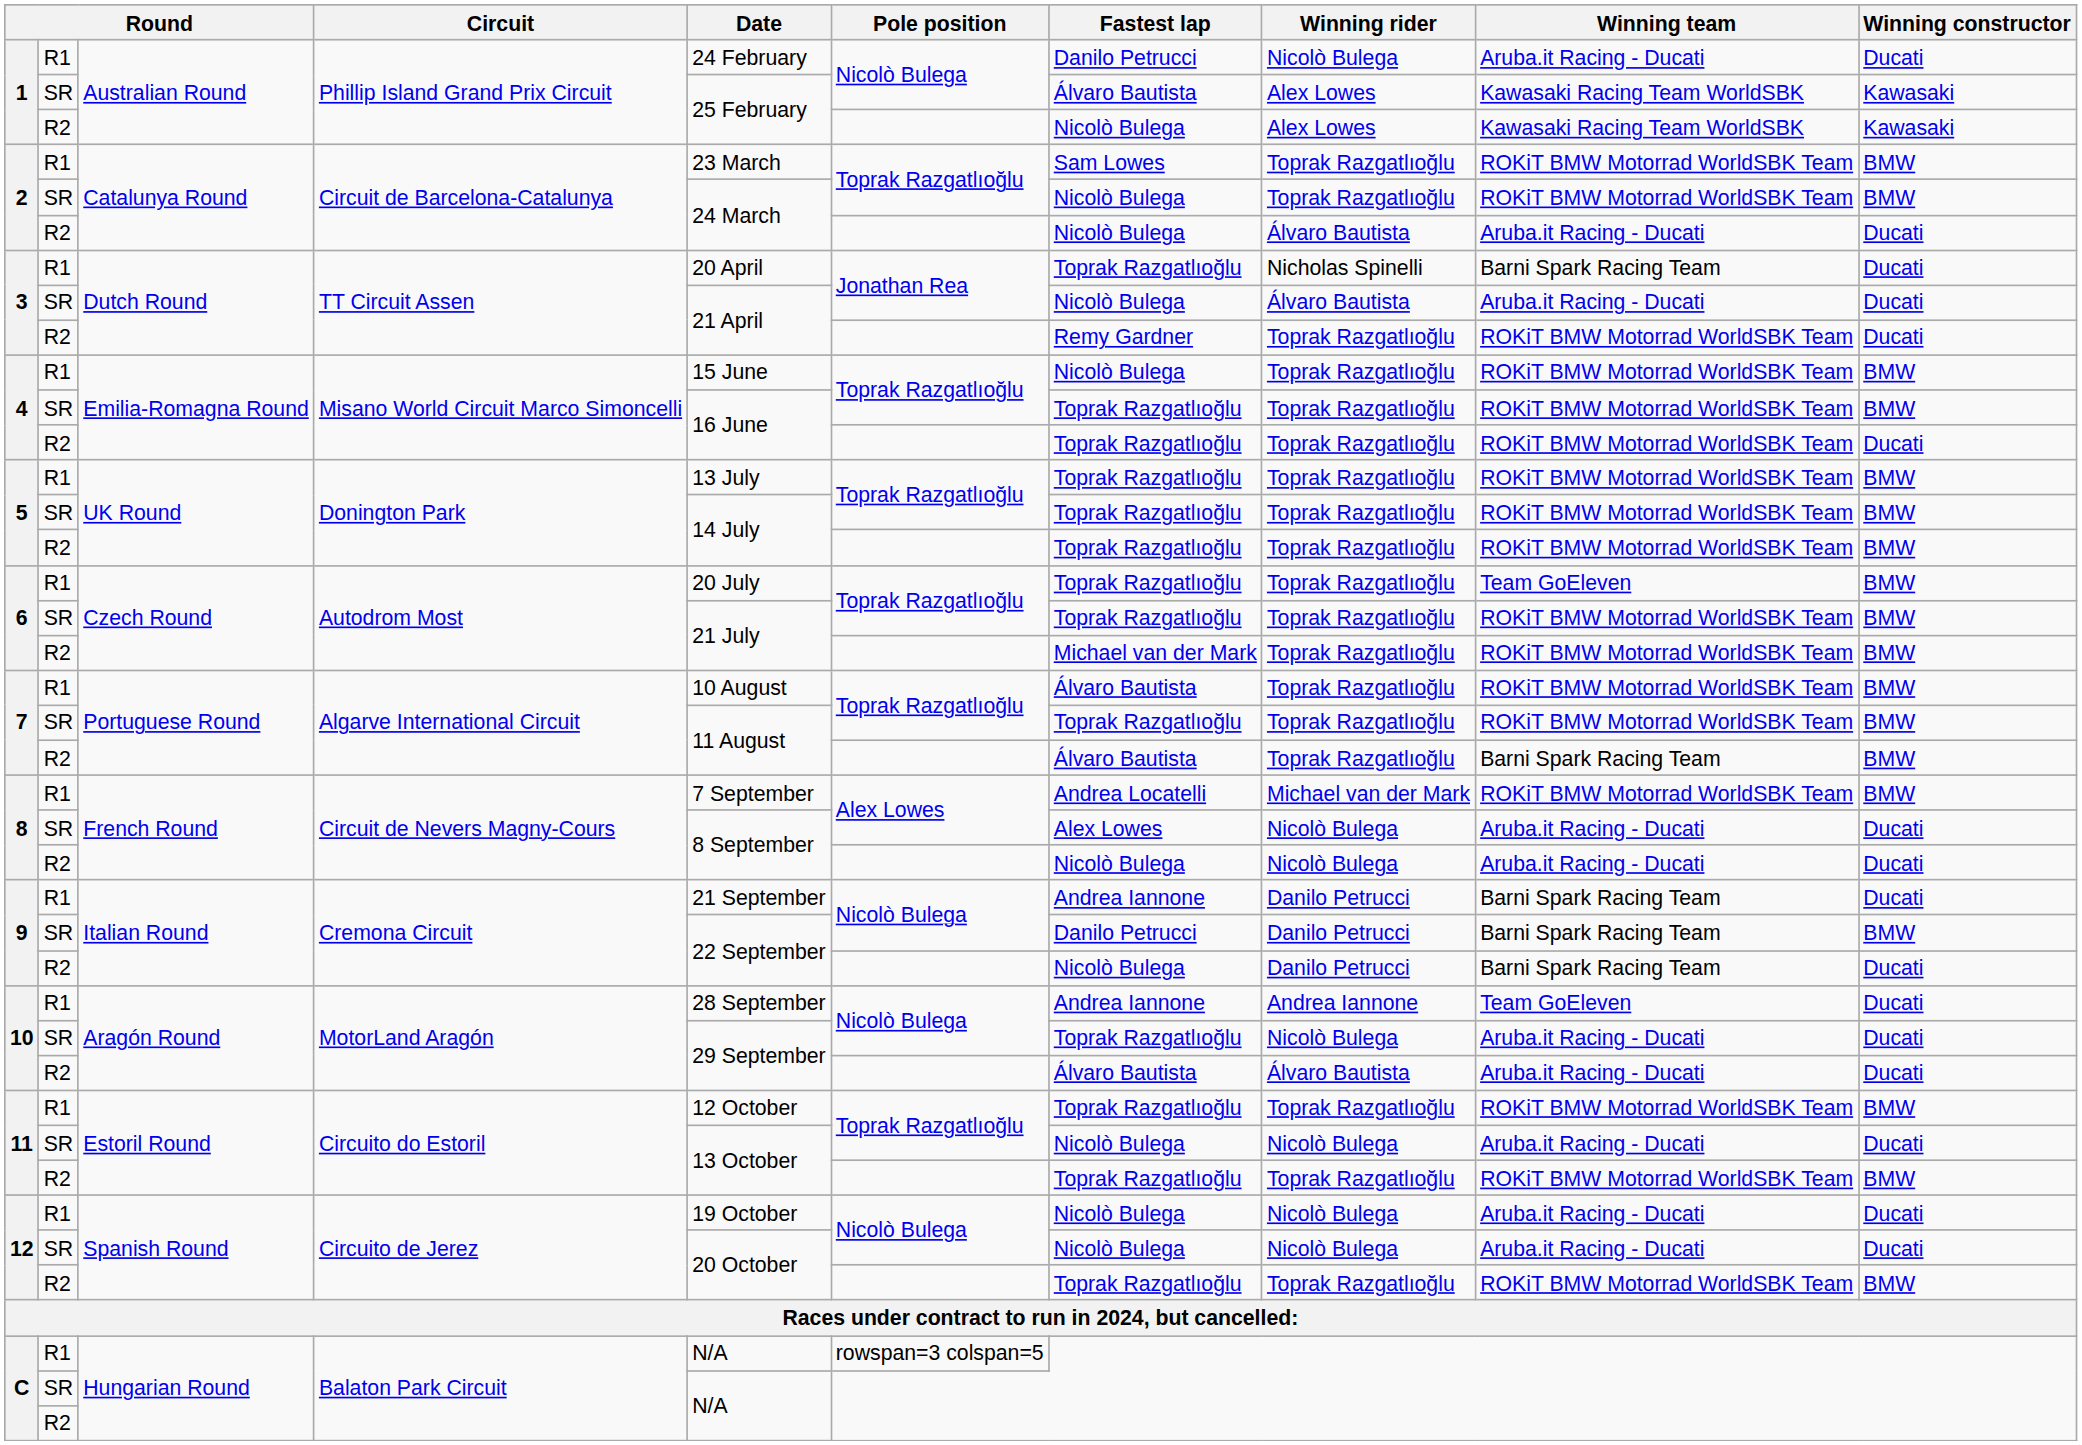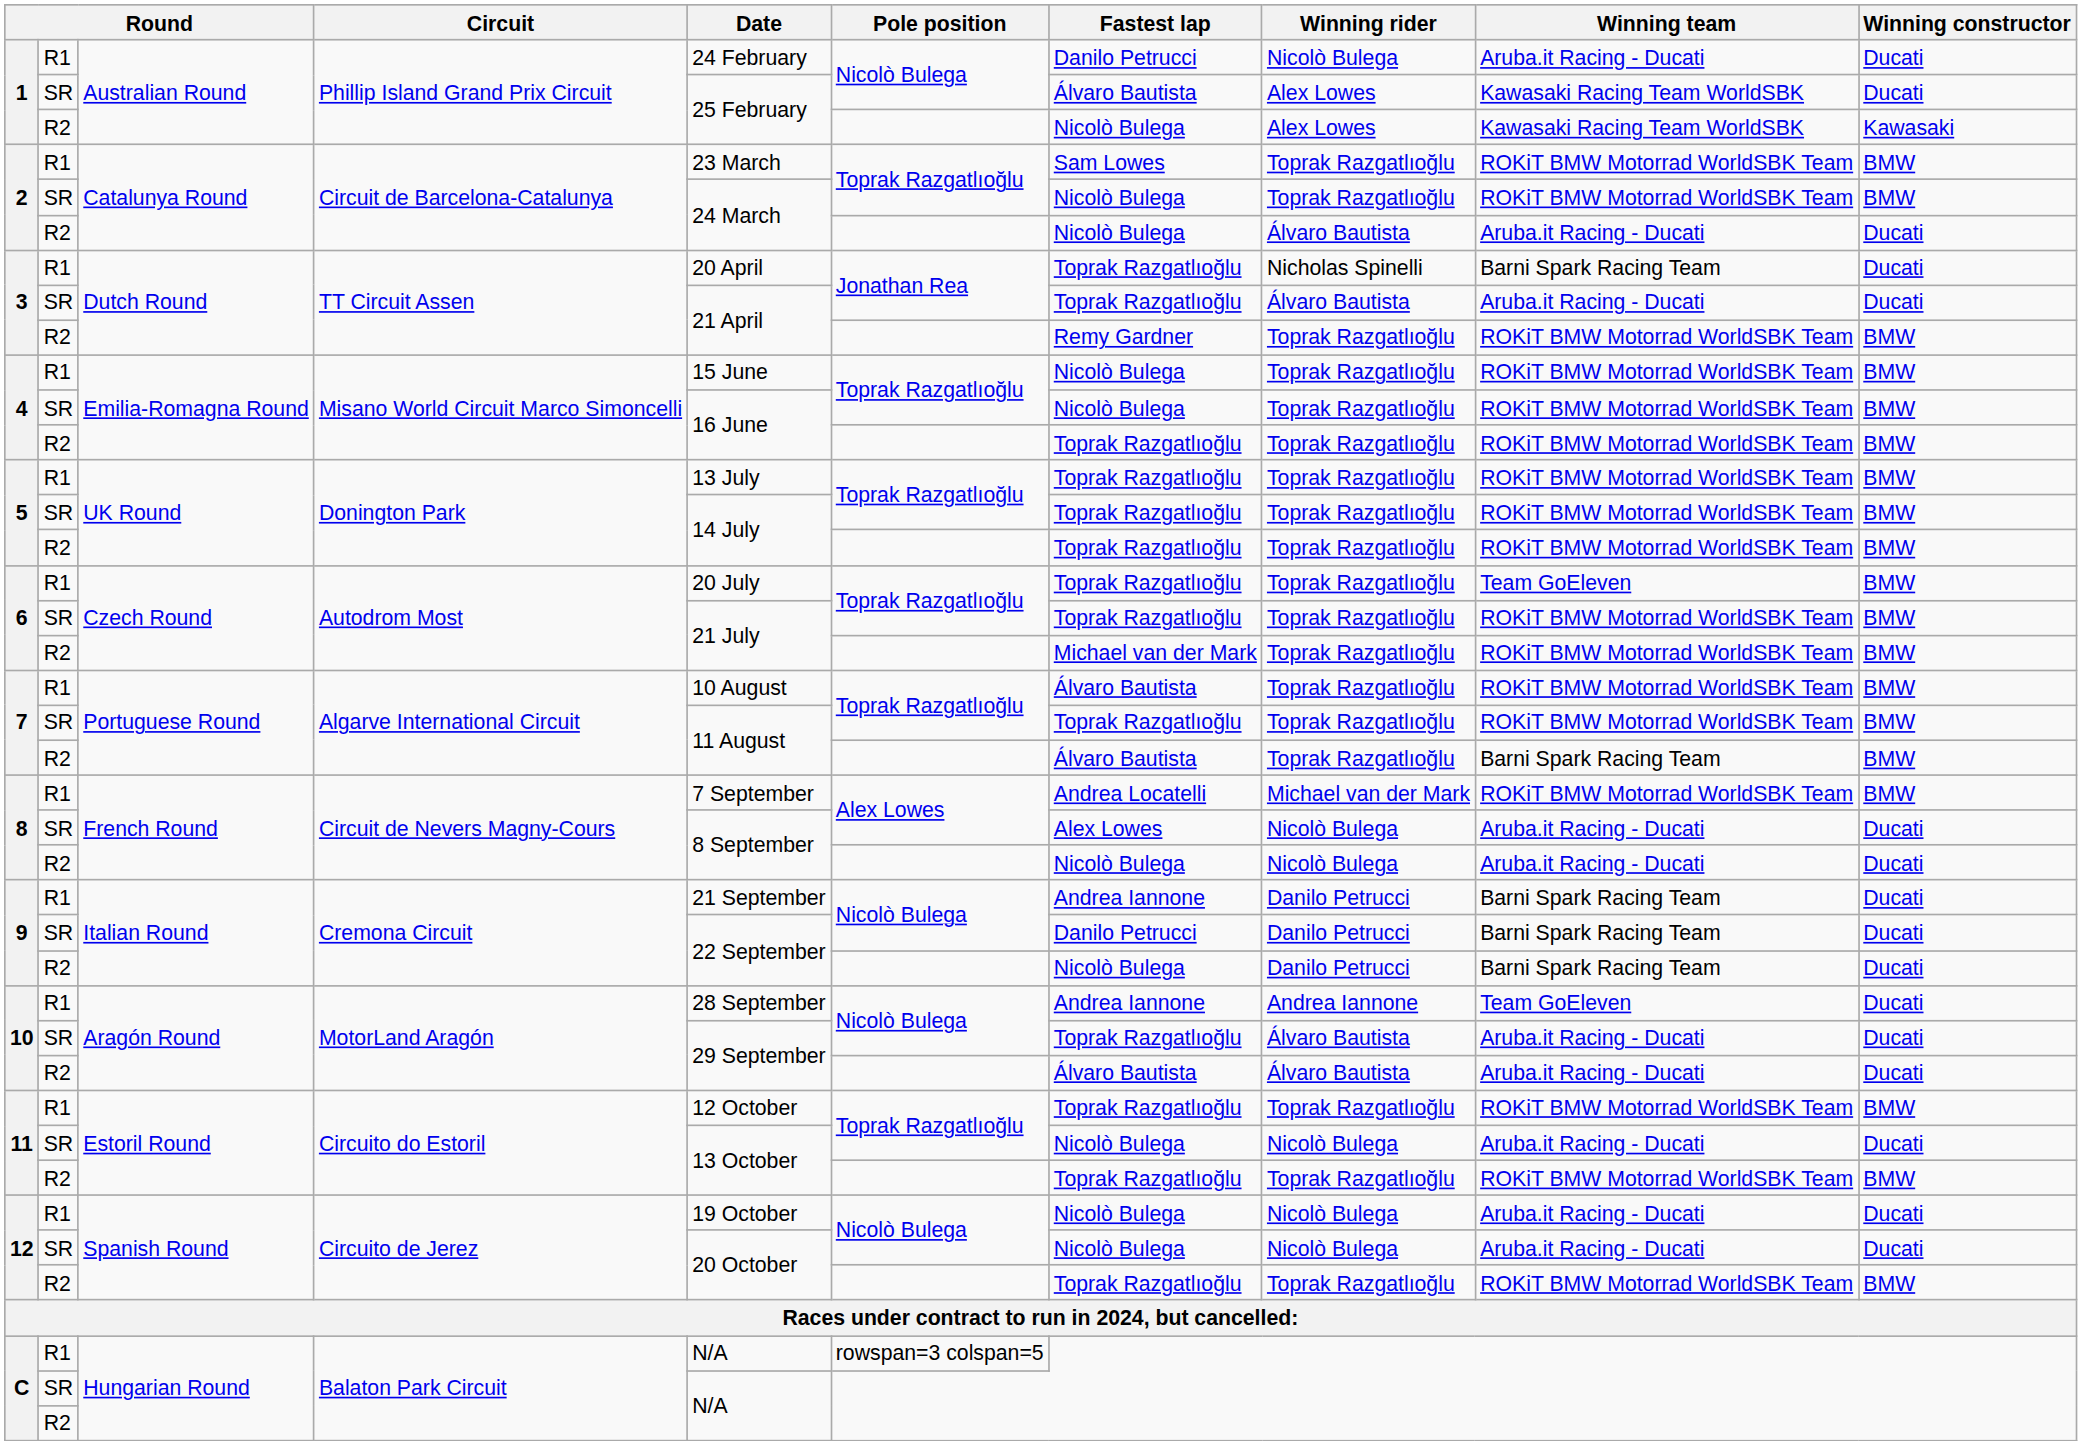 <table class="wikitable" style="font-size: 80%;">
 <tr>
 <th scope="col" colspan="3">Round</th>
 <th scope="col">Circuit</th>
 <th scope="col">Date</th>
 <th scope="col">Pole position</th>
 <th scope="col">Fastest lap</th>
 <th scope="col">Winning rider</th>
 <th scope="col">Winning team</th>
 <th scope="col" style="white-space:nowrap">Winning constructor</th>
 </tr>
 <tr>
 <th scope="row" rowspan="3">1</th>
 <td>R1</td>
 <td rowspan="3"> <a href='#'>Australian Round</a></td>
 <td rowspan="3"><a href='#'>Phillip Island Grand Prix Circuit</a></td>
 <td>24 February</td>
 <td rowspan="2"> <a href='#'>Nicolò Bulega</a></td>
 <td> <a href='#'>Danilo Petrucci</a></td>
 <td> <a href='#'>Nicolò Bulega</a></td>
 <td><a href='#'>Aruba.it Racing - Ducati</a></td>
 <td> <a href='#'>Ducati</a></td>
 </tr>
 <tr>
 <td>SR</td>
 <td rowspan="2">25 February</td>
 <td> <a href='#'>Álvaro Bautista</a></td>
 <td> <a href='#'>Alex Lowes</a></td>
 <td><a href='#'>Kawasaki Racing Team WorldSBK</a></td>
-<td> <a href='#'>Kawasaki</a></td>
+<td> <a href='#'>Ducati</a></td>
 </tr>
 <tr>
 <td>R2</td>
 <td></td>
 <td> <a href='#'>Nicolò Bulega</a></td>
 <td> <a href='#'>Alex Lowes</a></td>
 <td><a href='#'>Kawasaki Racing Team WorldSBK</a></td>
 <td> <a href='#'>Kawasaki</a></td>
 </tr>
 <tr>
 <th scope="row" rowspan="3">2</th>
 <td>R1</td>
 <td rowspan="3"> <a href='#'>Catalunya Round</a></td>
 <td rowspan="3"><a href='#'>Circuit de Barcelona-Catalunya</a></td>
 <td>23 March</td>
 <td rowspan="2" style="white-space:nowrap"> <a href='#'>Toprak Razgatlıoğlu</a></td>
 <td> <a href='#'>Sam Lowes</a></td>
 <td> <a href='#'>Toprak Razgatlıoğlu</a></td>
 <td style="white-space:nowrap"><a href='#'>ROKiT BMW Motorrad WorldSBK Team</a></td>
 <td> <a href='#'>BMW</a></td>
 </tr>
 <tr>
 <td>SR</td>
 <td rowspan="2">24 March</td>
 <td> <a href='#'>Nicolò Bulega</a></td>
 <td> <a href='#'>Toprak Razgatlıoğlu</a></td>
 <td><a href='#'>ROKiT BMW Motorrad WorldSBK Team</a></td>
 <td> <a href='#'>BMW</a></td>
 </tr>
 <tr>
 <td>R2</td>
 <td></td>
 <td> <a href='#'>Nicolò Bulega</a></td>
 <td> <a href='#'>Álvaro Bautista</a></td>
 <td><a href='#'>Aruba.it Racing - Ducati</a></td>
 <td> <a href='#'>Ducati</a></td>
 </tr>
 <tr>
 <th rowspan="3">3</th>
 <td>R1</td>
 <td rowspan="3"> <a href='#'>Dutch Round</a></td>
 <td rowspan="3"><a href='#'>TT Circuit Assen</a></td>
 <td>20 April</td>
 <td rowspan="2"> <a href='#'>Jonathan Rea</a></td>
 <td> <a href='#'>Toprak Razgatlıoğlu</a></td>
 <td> Nicholas Spinelli</td>
 <td>Barni Spark Racing Team</td>
 <td> <a href='#'>Ducati</a></td>
 </tr>
 <tr>
 <td>SR</td>
 <td rowspan="2">21 April</td>
-<td> <a href='#'>Nicolò Bulega</a></td>
+<td> <a href='#'>Toprak Razgatlıoğlu</a></td>
 <td> <a href='#'>Álvaro Bautista</a></td>
 <td><a href='#'>Aruba.it Racing - Ducati</a></td>
 <td> <a href='#'>Ducati</a></td>
 </tr>
 <tr>
 <td>R2</td>
 <td></td>
 <td> <a href='#'>Remy Gardner</a></td>
 <td> <a href='#'>Toprak Razgatlıoğlu</a></td>
 <td><a href='#'>ROKiT BMW Motorrad WorldSBK Team</a></td>
-<td> <a href='#'>Ducati</a></td>
+<td> <a href='#'>BMW</a></td>
 </tr>
 <tr>
 <th rowspan="3">4</th>
 <td>R1</td>
 <td rowspan="3" style="white-space:nowrap"> <a href='#'>Emilia-Romagna Round</a></td>
 <td rowspan="3" style="white-space:nowrap"><a href='#'>Misano World Circuit Marco Simoncelli</a></td>
 <td>15 June</td>
 <td rowspan="2"> <a href='#'>Toprak Razgatlıoğlu</a></td>
 <td> <a href='#'>Nicolò Bulega</a></td>
 <td> <a href='#'>Toprak Razgatlıoğlu</a></td>
 <td><a href='#'>ROKiT BMW Motorrad WorldSBK Team</a></td>
 <td> <a href='#'>BMW</a></td>
 </tr>
 <tr>
 <td>SR</td>
 <td rowspan="2">16 June</td>
-<td> <a href='#'>Toprak Razgatlıoğlu</a></td>
+<td> <a href='#'>Nicolò Bulega</a></td>
 <td> <a href='#'>Toprak Razgatlıoğlu</a></td>
 <td><a href='#'>ROKiT BMW Motorrad WorldSBK Team</a></td>
 <td> <a href='#'>BMW</a></td>
 </tr>
 <tr>
 <td>R2</td>
 <td></td>
 <td> <a href='#'>Toprak Razgatlıoğlu</a></td>
 <td> <a href='#'>Toprak Razgatlıoğlu</a></td>
 <td><a href='#'>ROKiT BMW Motorrad WorldSBK Team</a></td>
-<td> <a href='#'>Ducati</a></td>
+<td> <a href='#'>BMW</a></td>
 </tr>
 <tr>
 <th rowspan="3">5</th>
 <td>R1</td>
 <td rowspan="3"> <a href='#'>UK Round</a></td>
 <td rowspan="3"><a href='#'>Donington Park</a></td>
 <td>13 July</td>
 <td rowspan="2"> <a href='#'>Toprak Razgatlıoğlu</a></td>
 <td> <a href='#'>Toprak Razgatlıoğlu</a></td>
 <td> <a href='#'>Toprak Razgatlıoğlu</a></td>
 <td><a href='#'>ROKiT BMW Motorrad WorldSBK Team</a></td>
 <td> <a href='#'>BMW</a></td>
 </tr>
 <tr>
 <td>SR</td>
 <td rowspan="2">14 July</td>
 <td> <a href='#'>Toprak Razgatlıoğlu</a></td>
 <td> <a href='#'>Toprak Razgatlıoğlu</a></td>
 <td><a href='#'>ROKiT BMW Motorrad WorldSBK Team</a></td>
 <td> <a href='#'>BMW</a></td>
 </tr>
 <tr>
 <td>R2</td>
 <td></td>
 <td> <a href='#'>Toprak Razgatlıoğlu</a></td>
 <td> <a href='#'>Toprak Razgatlıoğlu</a></td>
 <td><a href='#'>ROKiT BMW Motorrad WorldSBK Team</a></td>
 <td> <a href='#'>BMW</a></td>
 </tr>
 <tr>
 <th rowspan="3">6</th>
 <td>R1</td>
 <td rowspan="3"> <a href='#'>Czech Round</a></td>
 <td rowspan="3"><a href='#'>Autodrom Most</a></td>
 <td>20 July</td>
 <td rowspan="2"> <a href='#'>Toprak Razgatlıoğlu</a></td>
 <td> <a href='#'>Toprak Razgatlıoğlu</a></td>
 <td> <a href='#'>Toprak Razgatlıoğlu</a></td>
 <td><a href='#'>Team GoEleven</a></td>
 <td> <a href='#'>BMW</a></td>
 </tr>
 <tr>
 <td>SR</td>
 <td rowspan="2">21 July</td>
 <td> <a href='#'>Toprak Razgatlıoğlu</a></td>
 <td> <a href='#'>Toprak Razgatlıoğlu</a></td>
 <td><a href='#'>ROKiT BMW Motorrad WorldSBK Team</a></td>
 <td> <a href='#'>BMW</a></td>
 </tr>
 <tr>
 <td>R2</td>
 <td></td>
 <td style="white-space:nowrap"> <a href='#'>Michael van der Mark</a></td>
 <td> <a href='#'>Toprak Razgatlıoğlu</a></td>
 <td><a href='#'>ROKiT BMW Motorrad WorldSBK Team</a></td>
 <td> <a href='#'>BMW</a></td>
 </tr>
 <tr>
 <th rowspan="3">7</th>
 <td>R1</td>
 <td rowspan="3"> <a href='#'>Portuguese Round</a></td>
 <td rowspan="3"><a href='#'>Algarve International Circuit</a></td>
 <td>10 August</td>
 <td rowspan="2"> <a href='#'>Toprak Razgatlıoğlu</a></td>
 <td> <a href='#'>Álvaro Bautista</a></td>
 <td> <a href='#'>Toprak Razgatlıoğlu</a></td>
 <td><a href='#'>ROKiT BMW Motorrad WorldSBK Team</a></td>
 <td> <a href='#'>BMW</a></td>
 </tr>
 <tr>
 <td>SR</td>
 <td rowspan="2">11 August</td>
 <td> <a href='#'>Toprak Razgatlıoğlu</a></td>
 <td> <a href='#'>Toprak Razgatlıoğlu</a></td>
 <td><a href='#'>ROKiT BMW Motorrad WorldSBK Team</a></td>
 <td> <a href='#'>BMW</a></td>
 </tr>
 <tr>
 <td>R2</td>
 <td></td>
 <td> <a href='#'>Álvaro Bautista</a></td>
 <td> <a href='#'>Toprak Razgatlıoğlu</a></td>
 <td>Barni Spark Racing Team</td>
 <td> <a href='#'>BMW</a></td>
 </tr>
 <tr>
 <th rowspan="3">8</th>
 <td>R1</td>
 <td rowspan="3"> <a href='#'>French Round</a></td>
 <td rowspan="3"><a href='#'>Circuit de Nevers Magny-Cours</a></td>
 <td>7 September</td>
 <td rowspan="2"> <a href='#'>Alex Lowes</a></td>
 <td> <a href='#'>Andrea Locatelli</a></td>
 <td style="white-space:nowrap"> <a href='#'>Michael van der Mark</a></td>
 <td><a href='#'>ROKiT BMW Motorrad WorldSBK Team</a></td>
 <td> <a href='#'>BMW</a></td>
 </tr>
 <tr>
 <td>SR</td>
 <td rowspan="2">8 September</td>
 <td> <a href='#'>Alex Lowes</a></td>
 <td> <a href='#'>Nicolò Bulega</a></td>
 <td><a href='#'>Aruba.it Racing - Ducati</a></td>
 <td> <a href='#'>Ducati</a></td>
 </tr>
 <tr>
 <td>R2</td>
 <td></td>
 <td> <a href='#'>Nicolò Bulega</a></td>
 <td> <a href='#'>Nicolò Bulega</a></td>
 <td><a href='#'>Aruba.it Racing - Ducati</a></td>
 <td> <a href='#'>Ducati</a></td>
 </tr>
 <tr>
 <th rowspan="3">9</th>
 <td>R1</td>
 <td rowspan="3"> <a href='#'>Italian Round</a></td>
 <td rowspan="3"><a href='#'>Cremona Circuit</a></td>
 <td>21 September</td>
 <td rowspan="2"> <a href='#'>Nicolò Bulega</a></td>
 <td> <a href='#'>Andrea Iannone</a></td>
 <td> <a href='#'>Danilo Petrucci</a></td>
 <td>Barni Spark Racing Team</td>
 <td> <a href='#'>Ducati</a></td>
 </tr>
 <tr>
 <td>SR</td>
 <td rowspan="2">22 September</td>
 <td> <a href='#'>Danilo Petrucci</a></td>
 <td> <a href='#'>Danilo Petrucci</a></td>
 <td>Barni Spark Racing Team</td>
-<td> <a href='#'>BMW</a></td>
+<td> <a href='#'>Ducati</a></td>
 </tr>
 <tr>
 <td>R2</td>
 <td></td>
 <td> <a href='#'>Nicolò Bulega</a></td>
 <td> <a href='#'>Danilo Petrucci</a></td>
 <td>Barni Spark Racing Team</td>
 <td> <a href='#'>Ducati</a></td>
 </tr>
 <tr>
 <th rowspan="3">10</th>
 <td>R1</td>
 <td rowspan="3"> <a href='#'>Aragón Round</a></td>
 <td rowspan="3"><a href='#'>MotorLand Aragón</a></td>
 <td nowrap>28 September</td>
 <td rowspan="2"> <a href='#'>Nicolò Bulega</a></td>
 <td> <a href='#'>Andrea Iannone</a></td>
 <td> <a href='#'>Andrea Iannone</a></td>
 <td><a href='#'>Team GoEleven</a></td>
 <td> <a href='#'>Ducati</a></td>
 </tr>
 <tr>
 <td>SR</td>
 <td rowspan="2">29 September</td>
 <td> <a href='#'>Toprak Razgatlıoğlu</a></td>
-<td> <a href='#'>Nicolò Bulega</a></td>
+<td> <a href='#'>Álvaro Bautista</a></td>
 <td><a href='#'>Aruba.it Racing - Ducati</a></td>
 <td> <a href='#'>Ducati</a></td>
 </tr>
 <tr>
 <td>R2</td>
 <td></td>
 <td> <a href='#'>Álvaro Bautista</a></td>
 <td> <a href='#'>Álvaro Bautista</a></td>
 <td><a href='#'>Aruba.it Racing - Ducati</a></td>
 <td> <a href='#'>Ducati</a></td>
 </tr>
 <tr>
 <th rowspan="3">11</th>
 <td>R1</td>
 <td rowspan="3"> <a href='#'>Estoril Round</a></td>
 <td rowspan="3"><a href='#'>Circuito do Estoril</a></td>
 <td>12 October</td>
 <td rowspan="2"> <a href='#'>Toprak Razgatlıoğlu</a></td>
 <td> <a href='#'>Toprak Razgatlıoğlu</a></td>
 <td> <a href='#'>Toprak Razgatlıoğlu</a></td>
 <td><a href='#'>ROKiT BMW Motorrad WorldSBK Team</a></td>
 <td> <a href='#'>BMW</a></td>
 </tr>
 <tr>
 <td>SR</td>
 <td rowspan="2" style="white-space:nowrap">13 October</td>
 <td> <a href='#'>Nicolò Bulega</a></td>
 <td> <a href='#'>Nicolò Bulega</a></td>
 <td><a href='#'>Aruba.it Racing - Ducati</a></td>
 <td> <a href='#'>Ducati</a></td>
 </tr>
 <tr>
 <td>R2</td>
 <td></td>
 <td> <a href='#'>Toprak Razgatlıoğlu</a></td>
 <td> <a href='#'>Toprak Razgatlıoğlu</a></td>
 <td><a href='#'>ROKiT BMW Motorrad WorldSBK Team</a></td>
 <td> <a href='#'>BMW</a></td>
 </tr>
 <tr>
 <th rowspan="3">12</th>
 <td>R1</td>
 <td rowspan="3"> <a href='#'>Spanish Round</a></td>
 <td rowspan="3"><a href='#'>Circuito de Jerez</a></td>
 <td>19 October</td>
 <td rowspan="2"> <a href='#'>Nicolò Bulega</a></td>
 <td> <a href='#'>Nicolò Bulega</a></td>
 <td> <a href='#'>Nicolò Bulega</a></td>
 <td><a href='#'>Aruba.it Racing - Ducati</a></td>
 <td> <a href='#'>Ducati</a></td>
 </tr>
 <tr>
 <td>SR</td>
 <td rowspan="2">20 October</td>
 <td> <a href='#'>Nicolò Bulega</a></td>
 <td> <a href='#'>Nicolò Bulega</a></td>
 <td><a href='#'>Aruba.it Racing - Ducati</a></td>
 <td> <a href='#'>Ducati</a></td>
 </tr>
 <tr>
 <td>R2</td>
 <td></td>
 <td> <a href='#'>Toprak Razgatlıoğlu</a></td>
 <td> <a href='#'>Toprak Razgatlıoğlu</a></td>
 <td><a href='#'>ROKiT BMW Motorrad WorldSBK Team</a></td>
 <td> <a href='#'>BMW</a></td>
 </tr>
 <tr>
 <th colspan=10>Races under contract to run in 2024, but cancelled:</th>
 </tr>
 <tr>
 <th rowspan=3>C</th>
 <td>R1</td>
 <td rowspan=3> <a href='#'>Hungarian Round</a></td>
 <td rowspan=3><a href='#'>Balaton Park Circuit</a></td>
 <td>N/A</td>
 <td>rowspan=3 colspan=5 </td>
 </tr>
 <tr>
 <td>SR</td>
 <td rowspan=2>N/A</td>
 </tr>
 <tr>
 <td>R2</td>
 </tr>
 <tr>
 </tr>
 </table>
